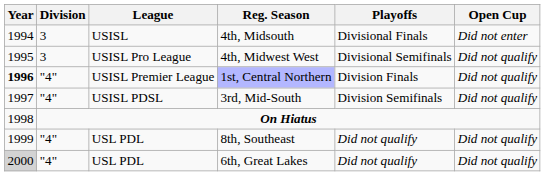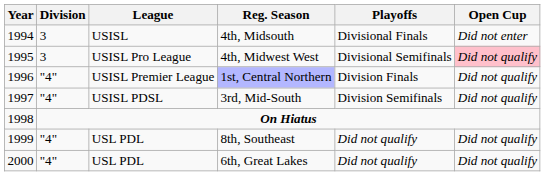 <table class="wikitable">
 <tr>
 <th>Year</th>
 <th>Division</th>
 <th>League</th>
 <th>Reg. Season</th>
 <th>Playoffs</th>
 <th>Open Cup</th>
 </tr>
 <tr>
 <td>1994</td>
 <td>3</td>
 <td>USISL</td>
 <td>4th, Midsouth</td>
 <td>Divisional Finals</td>
 <td><em>Did not enter</em></td>
 </tr>
 <tr>
 <td>1995</td>
 <td>3</td>
 <td>USISL Pro League</td>
 <td>4th, Midwest West</td>
 <td>Divisional Semifinals</td>
-<td><em>Did not qualify</em></td>
+<td style="background: pink;"><em>Did not qualify</em></td>
 </tr>
 <tr>
-<td><strong>1996</strong></td>
+<td>1996</td>
 <td>"4"</td>
 <td>USISL Premier League</td>
 <td bgcolor="B3B7FF">1st, Central Northern</td>
 <td>Division Finals</td>
 <td><em>Did not qualify</em></td>
 </tr>
 <tr>
 <td>1997</td>
 <td>"4"</td>
 <td>USISL PDSL</td>
 <td>3rd, Mid-South</td>
 <td>Division Semifinals</td>
 <td><em>Did not qualify</em></td>
 </tr>
 <tr>
 <td>1998</td>
 <td rowspan=1 colspan=5 align=center><strong><em>On Hiatus</em></strong></td>
 </tr>
 <tr>
 <td>1999</td>
 <td>"4"</td>
 <td>USL PDL</td>
 <td>8th, Southeast</td>
 <td><em>Did not qualify</em></td>
 <td><em>Did not qualify</em></td>
 </tr>
 <tr>
-<td style="background: lightgrey;">2000</td>
+<td>2000</td>
 <td>"4"</td>
 <td>USL PDL</td>
 <td>6th, Great Lakes</td>
 <td><em>Did not qualify</em></td>
 <td><em>Did not qualify</em></td>
 </tr>
 </table>
